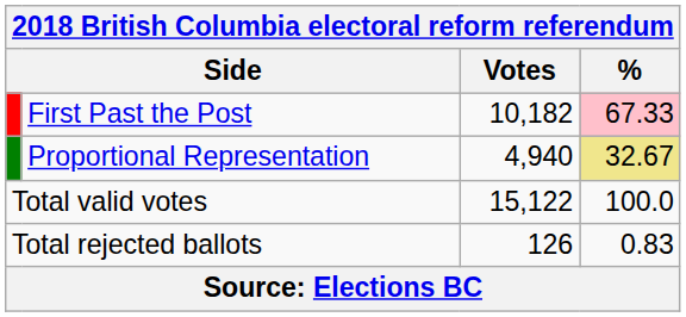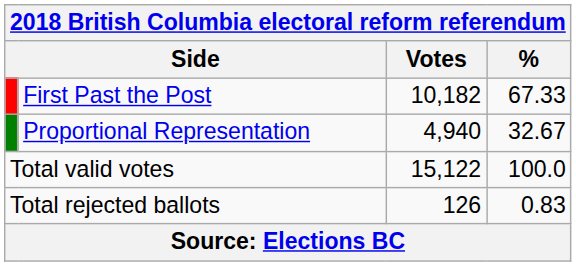 <table class="wikitable">
 <tr>
 <th colspan="4"><a href='#'>2018 British Columbia electoral reform referendum</a></th>
 </tr>
 <tr>
 <th colspan="2">Side</th>
 <th>Votes</th>
 <th>%</th>
 </tr>
 <tr>
 <td bgcolor="red"></td>
 <td><a href='#'>First Past the Post</a></td>
 <td align="right">10,182</td>
-<td align="right" style="background: pink;">67.33</td>
+<td align="right">67.33</td>
 </tr>
 <tr>
 <td bgcolor="green"></td>
 <td><a href='#'>Proportional Representation</a></td>
 <td align="right">4,940</td>
-<td align="right" style="background: khaki;">32.67</td>
+<td align="right">32.67</td>
 </tr>
 <tr>
 <td colspan="2">Total valid votes</td>
 <td align="right">15,122</td>
 <td align="right">100.0</td>
 </tr>
 <tr>
 <td colspan="2">Total rejected ballots</td>
 <td align="right">126</td>
 <td align="right">0.83</td>
 </tr>
 <tr>
 <th colspan="4">Source: <a href='#'>Elections BC</a></th>
 </tr>
 </table>
